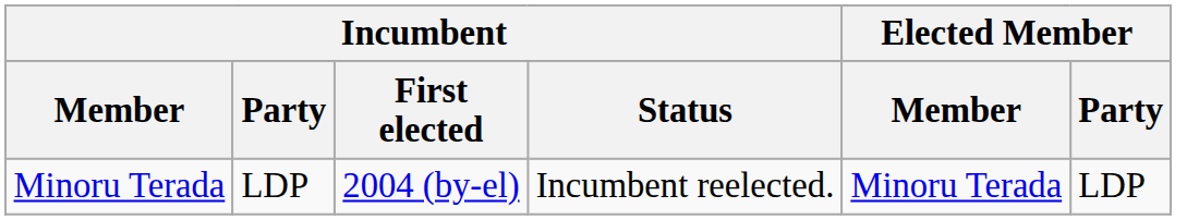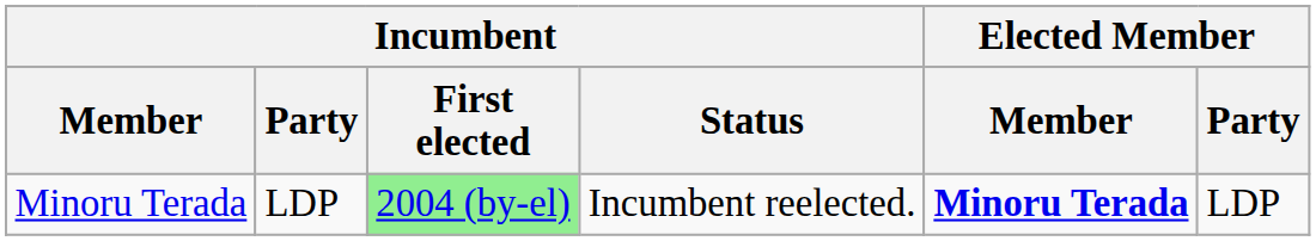 <table class="wikitable sortable">
 <tr>
 <th colspan=4>Incumbent</th>
 <th colspan=2>Elected Member</th>
 </tr>
 <tr>
 <th>Member</th>
 <th>Party</th>
 <th>First<br>elected</th>
 <th>Status</th>
 <th>Member</th>
 <th>Party</th>
 </tr>
 <tr>
 <td><a href='#'>Minoru Terada</a></td>
 <td>LDP</td>
-<td><a href='#'>2004 (by-el)</a></td>
+<td style="background: lightgreen;"><a href='#'>2004 (by-el)</a></td>
 <td>Incumbent reelected.</td>
-<td><a href='#'>Minoru Terada</a></td>
+<td><strong><a href='#'>Minoru Terada</a></strong></td>
 <td>LDP</td>
 </tr>
 </table>
